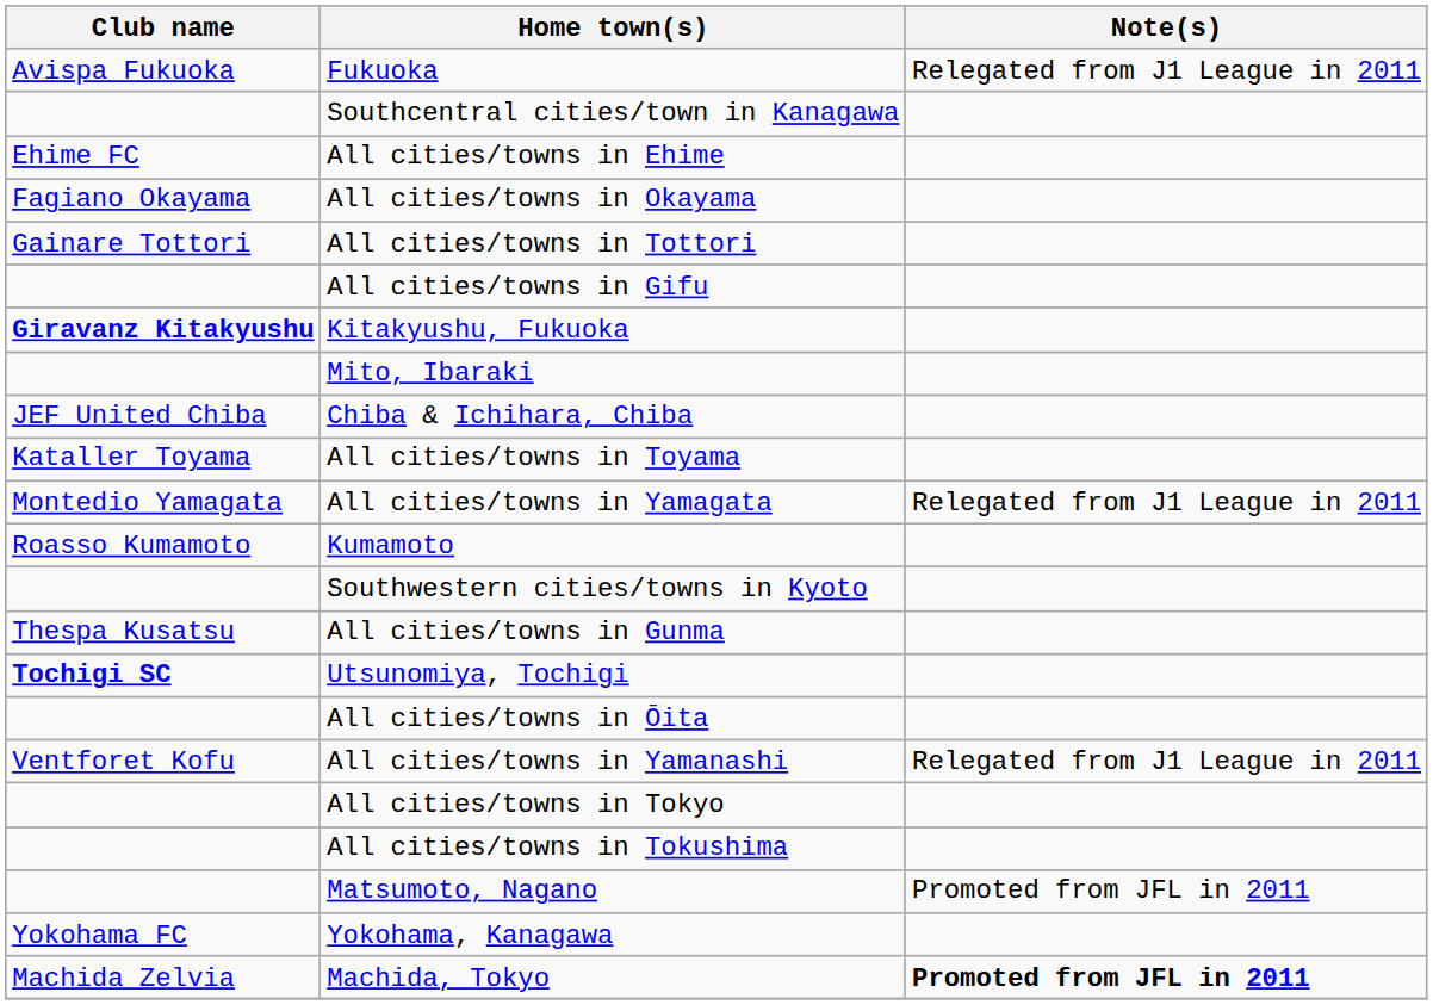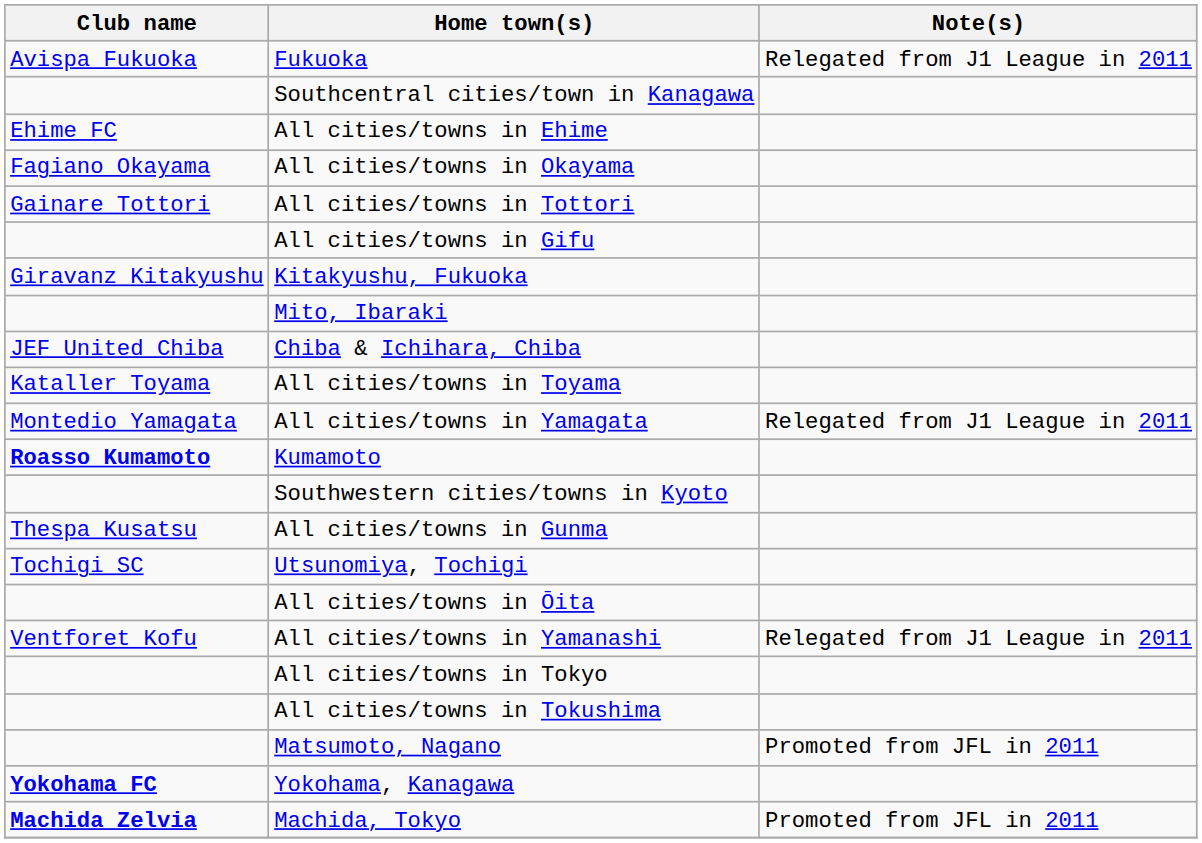 <table class="wikitable sortable">
 <tr>
 <th>Club name</th>
 <th>Home town(s)</th>
 <th>Note(s)</th>
 </tr>
 <tr>
 <td><a href='#'>Avispa Fukuoka</a></td>
 <td><a href='#'>Fukuoka</a></td>
 <td>Relegated from J1 League in <a href='#'>2011</a></td>
 </tr>
 <tr>
 <td></td>
 <td>Southcentral cities/town in <a href='#'>Kanagawa</a></td>
 <td></td>
 </tr>
 <tr>
 <td><a href='#'>Ehime FC</a></td>
 <td>All cities/towns in <a href='#'>Ehime</a></td>
 <td></td>
 </tr>
 <tr>
 <td><a href='#'>Fagiano Okayama</a></td>
 <td>All cities/towns in <a href='#'>Okayama</a></td>
 <td></td>
 </tr>
 <tr>
 <td><a href='#'>Gainare Tottori</a></td>
 <td>All cities/towns in <a href='#'>Tottori</a></td>
 <td></td>
 </tr>
 <tr>
 <td></td>
 <td>All cities/towns in <a href='#'>Gifu</a></td>
 <td></td>
 </tr>
 <tr>
-<td><strong><a href='#'>Giravanz Kitakyushu</a></strong></td>
+<td><a href='#'>Giravanz Kitakyushu</a></td>
 <td><a href='#'>Kitakyushu, Fukuoka</a></td>
 <td></td>
 </tr>
 <tr>
 <td></td>
 <td><a href='#'>Mito, Ibaraki</a></td>
 <td></td>
 </tr>
 <tr>
 <td><a href='#'>JEF United Chiba</a></td>
 <td><a href='#'>Chiba</a> & <a href='#'>Ichihara, Chiba</a></td>
 <td></td>
 </tr>
 <tr>
 <td><a href='#'>Kataller Toyama</a></td>
 <td>All cities/towns in <a href='#'>Toyama</a></td>
 <td></td>
 </tr>
 <tr>
 <td><a href='#'>Montedio Yamagata</a></td>
 <td>All cities/towns in <a href='#'>Yamagata</a></td>
 <td>Relegated from J1 League in <a href='#'>2011</a></td>
 </tr>
 <tr>
-<td><a href='#'>Roasso Kumamoto</a></td>
+<td><strong><a href='#'>Roasso Kumamoto</a></strong></td>
 <td><a href='#'>Kumamoto</a></td>
 <td></td>
 </tr>
 <tr>
 <td></td>
 <td>Southwestern cities/towns in <a href='#'>Kyoto</a></td>
 <td></td>
 </tr>
 <tr>
 <td><a href='#'>Thespa Kusatsu</a></td>
 <td>All cities/towns in <a href='#'>Gunma</a></td>
 <td></td>
 </tr>
 <tr>
-<td><strong><a href='#'>Tochigi SC</a></strong></td>
+<td><a href='#'>Tochigi SC</a></td>
 <td><a href='#'>Utsunomiya</a>, <a href='#'>Tochigi</a></td>
 <td></td>
 </tr>
 <tr>
 <td></td>
 <td>All cities/towns in <a href='#'>Ōita</a></td>
 <td></td>
 </tr>
 <tr>
 <td><a href='#'>Ventforet Kofu</a></td>
 <td>All cities/towns in <a href='#'>Yamanashi</a></td>
 <td>Relegated from J1 League in <a href='#'>2011</a></td>
 </tr>
 <tr>
 <td></td>
 <td>All cities/towns in Tokyo</td>
 <td></td>
 </tr>
 <tr>
 <td></td>
 <td>All cities/towns in <a href='#'>Tokushima</a></td>
 <td></td>
 </tr>
 <tr>
 <td></td>
 <td><a href='#'>Matsumoto, Nagano</a></td>
 <td>Promoted from JFL in <a href='#'>2011</a></td>
 </tr>
 <tr>
-<td><a href='#'>Yokohama FC</a></td>
+<td><strong><a href='#'>Yokohama FC</a></strong></td>
 <td><a href='#'>Yokohama</a>, <a href='#'>Kanagawa</a></td>
 <td></td>
 </tr>
 <tr>
-<td><a href='#'>Machida Zelvia</a></td>
+<td><strong><a href='#'>Machida Zelvia</a></strong></td>
 <td><a href='#'>Machida, Tokyo</a></td>
-<td><strong>Promoted from JFL in <a href='#'>2011</a></strong></td>
+<td>Promoted from JFL in <a href='#'>2011</a></td>
 </tr>
 <tr>
 </tr>
 </table>
